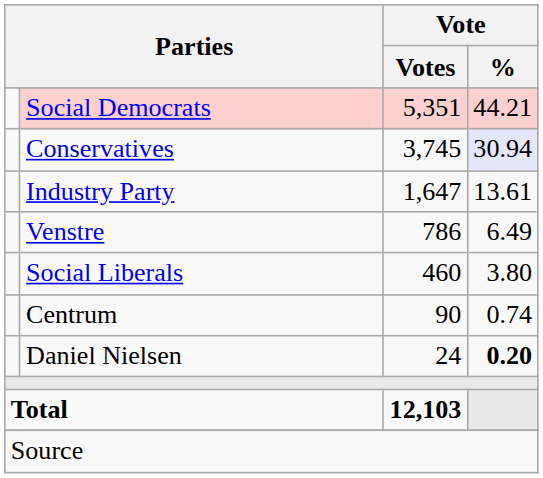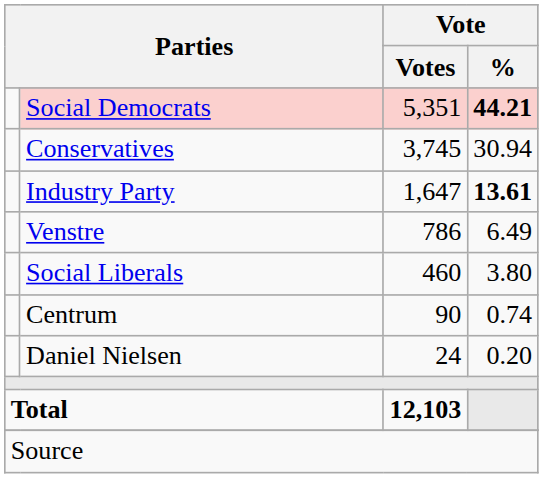 <table class="wikitable" style="text-align:right;">
 <tr>
 <th style="text-align:centre;" rowspan="2" colspan="2" width="225">Parties</th>
 <th colspan="3">Vote</th>
 </tr>
 <tr>
 <th width="15">Votes</th>
 <th width="15">%</th>
 </tr>
 <tr>
 <td width="2" style="color:inherit;background:"></td>
 <td bgcolor=#fbd0ce  align="left"><a href='#'>Social Democrats</a></td>
 <td bgcolor=#fbd0ce>5,351</td>
-<td bgcolor=#fbd0ce>44.21</td>
+<td bgcolor=#fbd0ce><strong>44.21</strong></td>
 </tr>
 <tr>
 <td width="2" style="color:inherit;background:"></td>
 <td align="left"><a href='#'>Conservatives</a></td>
 <td>3,745</td>
-<td style="background: lavender;">30.94</td>
+<td>30.94</td>
 </tr>
 <tr>
 <td width="2" style="color:inherit;background:"></td>
 <td align="left"><a href='#'>Industry Party</a></td>
 <td>1,647</td>
-<td>13.61</td>
+<td><strong>13.61</strong></td>
 </tr>
 <tr>
 <td width="2" style="color:inherit;background:"></td>
 <td align="left"><a href='#'>Venstre</a></td>
 <td>786</td>
 <td>6.49</td>
 </tr>
 <tr>
 <td width="2" style="color:inherit;background:"></td>
 <td align="left"><a href='#'>Social Liberals</a></td>
 <td>460</td>
 <td>3.80</td>
 </tr>
 <tr>
 <td width="2" style="color:inherit;background:"></td>
 <td align="left">Centrum</td>
 <td>90</td>
 <td>0.74</td>
 </tr>
 <tr>
 <td width="2" style="color:inherit;background:"></td>
 <td align="left">Daniel Nielsen</td>
 <td>24</td>
-<td><strong>0.20</strong></td>
+<td>0.20</td>
 </tr>
 <tr>
 <td colspan="7" bgcolor="#E9E9E9"></td>
 </tr>
 <tr>
 <td align="left" colspan="2"><strong>Total</strong></td>
 <td><strong>12,103</strong></td>
 <td bgcolor="#E9E9E9" colspan="2"></td>
 </tr>
 <tr>
 </tr>
 <tr>
 <td align="left" colspan="6">Source</td>
 </tr>
 </table>
